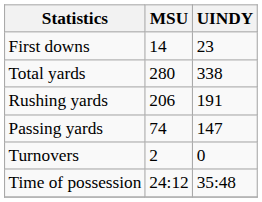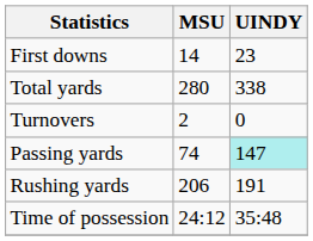 <table class="wikitable" style="float: left;">
 <tr>
 <th>Statistics</th>
 <th>MSU</th>
 <th>UINDY</th>
 </tr>
 <tr>
 <td>First downs</td>
 <td>14</td>
 <td>23</td>
 </tr>
 <tr>
 <td>Total yards</td>
 <td>280</td>
 <td>338</td>
 </tr>
 <tr>
-<td>Rushing yards</td>
-<td>206</td>
-<td>191</td>
+<td>Turnovers</td>
+<td>2</td>
+<td>0</td>
 </tr>
 <tr>
 <td>Passing yards</td>
 <td>74</td>
-<td>147</td>
+<td style="background: paleturquoise;">147</td>
 </tr>
 <tr>
-<td>Turnovers</td>
-<td>2</td>
-<td>0</td>
+<td>Rushing yards</td>
+<td>206</td>
+<td>191</td>
 </tr>
 <tr>
 <td>Time of possession</td>
 <td>24:12</td>
 <td>35:48</td>
 </tr>
 <tr>
 </tr>
 </table>
